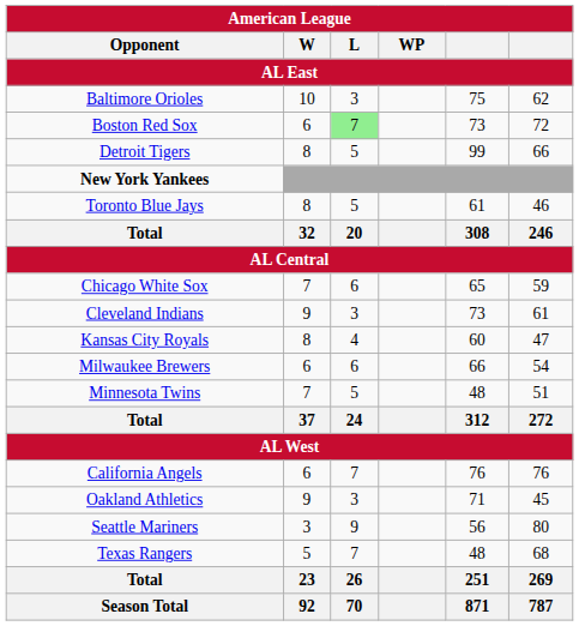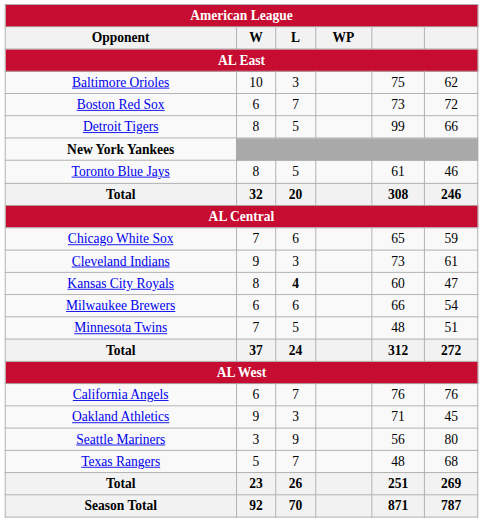 <table class="wikitable" style="margin:1em auto; font-size:95%; text-align:center; width:35em;">
 <tr>
 <th colspan="7" style="background:#c60c30; color:#ffffff;">American League</th>
 </tr>
 <tr>
 <th>Opponent</th>
 <th>W</th>
 <th>L</th>
 <th>WP</th>
 <th></th>
 <th></th>
 </tr>
 <tr>
 <th colspan="7" style="background:#c60c30; color:#ffffff;">AL East</th>
 </tr>
 <tr>
 <td><a href='#'>Baltimore Orioles</a></td>
 <td>10</td>
 <td>3</td>
 <td></td>
 <td>75</td>
 <td>62</td>
 </tr>
 <tr>
 <td><a href='#'>Boston Red Sox</a></td>
 <td>6</td>
-<td style="background: lightgreen;">7</td>
+<td>7</td>
 <td></td>
 <td>73</td>
 <td>72</td>
 </tr>
 <tr>
 <td><a href='#'>Detroit Tigers</a></td>
 <td>8</td>
 <td>5</td>
 <td></td>
 <td>99</td>
 <td>66</td>
 </tr>
 <tr>
 <td><strong>New York Yankees</strong></td>
 <td colspan=5 style="background:darkgray;"></td>
 </tr>
 <tr>
 <td><a href='#'>Toronto Blue Jays</a></td>
 <td>8</td>
 <td>5</td>
 <td></td>
 <td>61</td>
 <td>46</td>
 </tr>
 <tr>
 <th>Total</th>
 <th>32</th>
 <th>20</th>
 <th></th>
 <th>308</th>
 <th>246</th>
 </tr>
 <tr>
 <th colspan="7" style="background:#c60c30; color:#ffffff;">AL Central</th>
 </tr>
 <tr>
 <td><a href='#'>Chicago White Sox</a></td>
 <td>7</td>
 <td>6</td>
 <td></td>
 <td>65</td>
 <td>59</td>
 </tr>
 <tr>
 <td><a href='#'>Cleveland Indians</a></td>
 <td>9</td>
 <td>3</td>
 <td></td>
 <td>73</td>
 <td>61</td>
 </tr>
 <tr>
 <td><a href='#'>Kansas City Royals</a></td>
 <td>8</td>
-<td>4</td>
+<td><strong>4</strong></td>
 <td></td>
 <td>60</td>
 <td>47</td>
 </tr>
 <tr>
 <td><a href='#'>Milwaukee Brewers</a></td>
 <td>6</td>
 <td>6</td>
 <td></td>
 <td>66</td>
 <td>54</td>
 </tr>
 <tr>
 <td><a href='#'>Minnesota Twins</a></td>
 <td>7</td>
 <td>5</td>
 <td></td>
 <td>48</td>
 <td>51</td>
 </tr>
 <tr>
 <th>Total</th>
 <th>37</th>
 <th>24</th>
 <th></th>
 <th>312</th>
 <th>272</th>
 </tr>
 <tr>
 <th colspan="7" style="background:#c60c30; color:#ffffff;">AL West</th>
 </tr>
 <tr>
 <td><a href='#'>California Angels</a></td>
 <td>6</td>
 <td>7</td>
 <td></td>
 <td>76</td>
 <td>76</td>
 </tr>
 <tr>
 <td><a href='#'>Oakland Athletics</a></td>
 <td>9</td>
 <td>3</td>
 <td></td>
 <td>71</td>
 <td>45</td>
 </tr>
 <tr>
 <td><a href='#'>Seattle Mariners</a></td>
 <td>3</td>
 <td>9</td>
 <td></td>
 <td>56</td>
 <td>80</td>
 </tr>
 <tr>
 <td><a href='#'>Texas Rangers</a></td>
 <td>5</td>
 <td>7</td>
 <td></td>
 <td>48</td>
 <td>68</td>
 </tr>
 <tr>
 <th>Total</th>
 <th>23</th>
 <th>26</th>
 <th></th>
 <th>251</th>
 <th>269</th>
 </tr>
 <tr>
 <th>Season Total</th>
 <th>92</th>
 <th>70</th>
 <th></th>
 <th>871</th>
 <th>787</th>
 </tr>
 </table>
